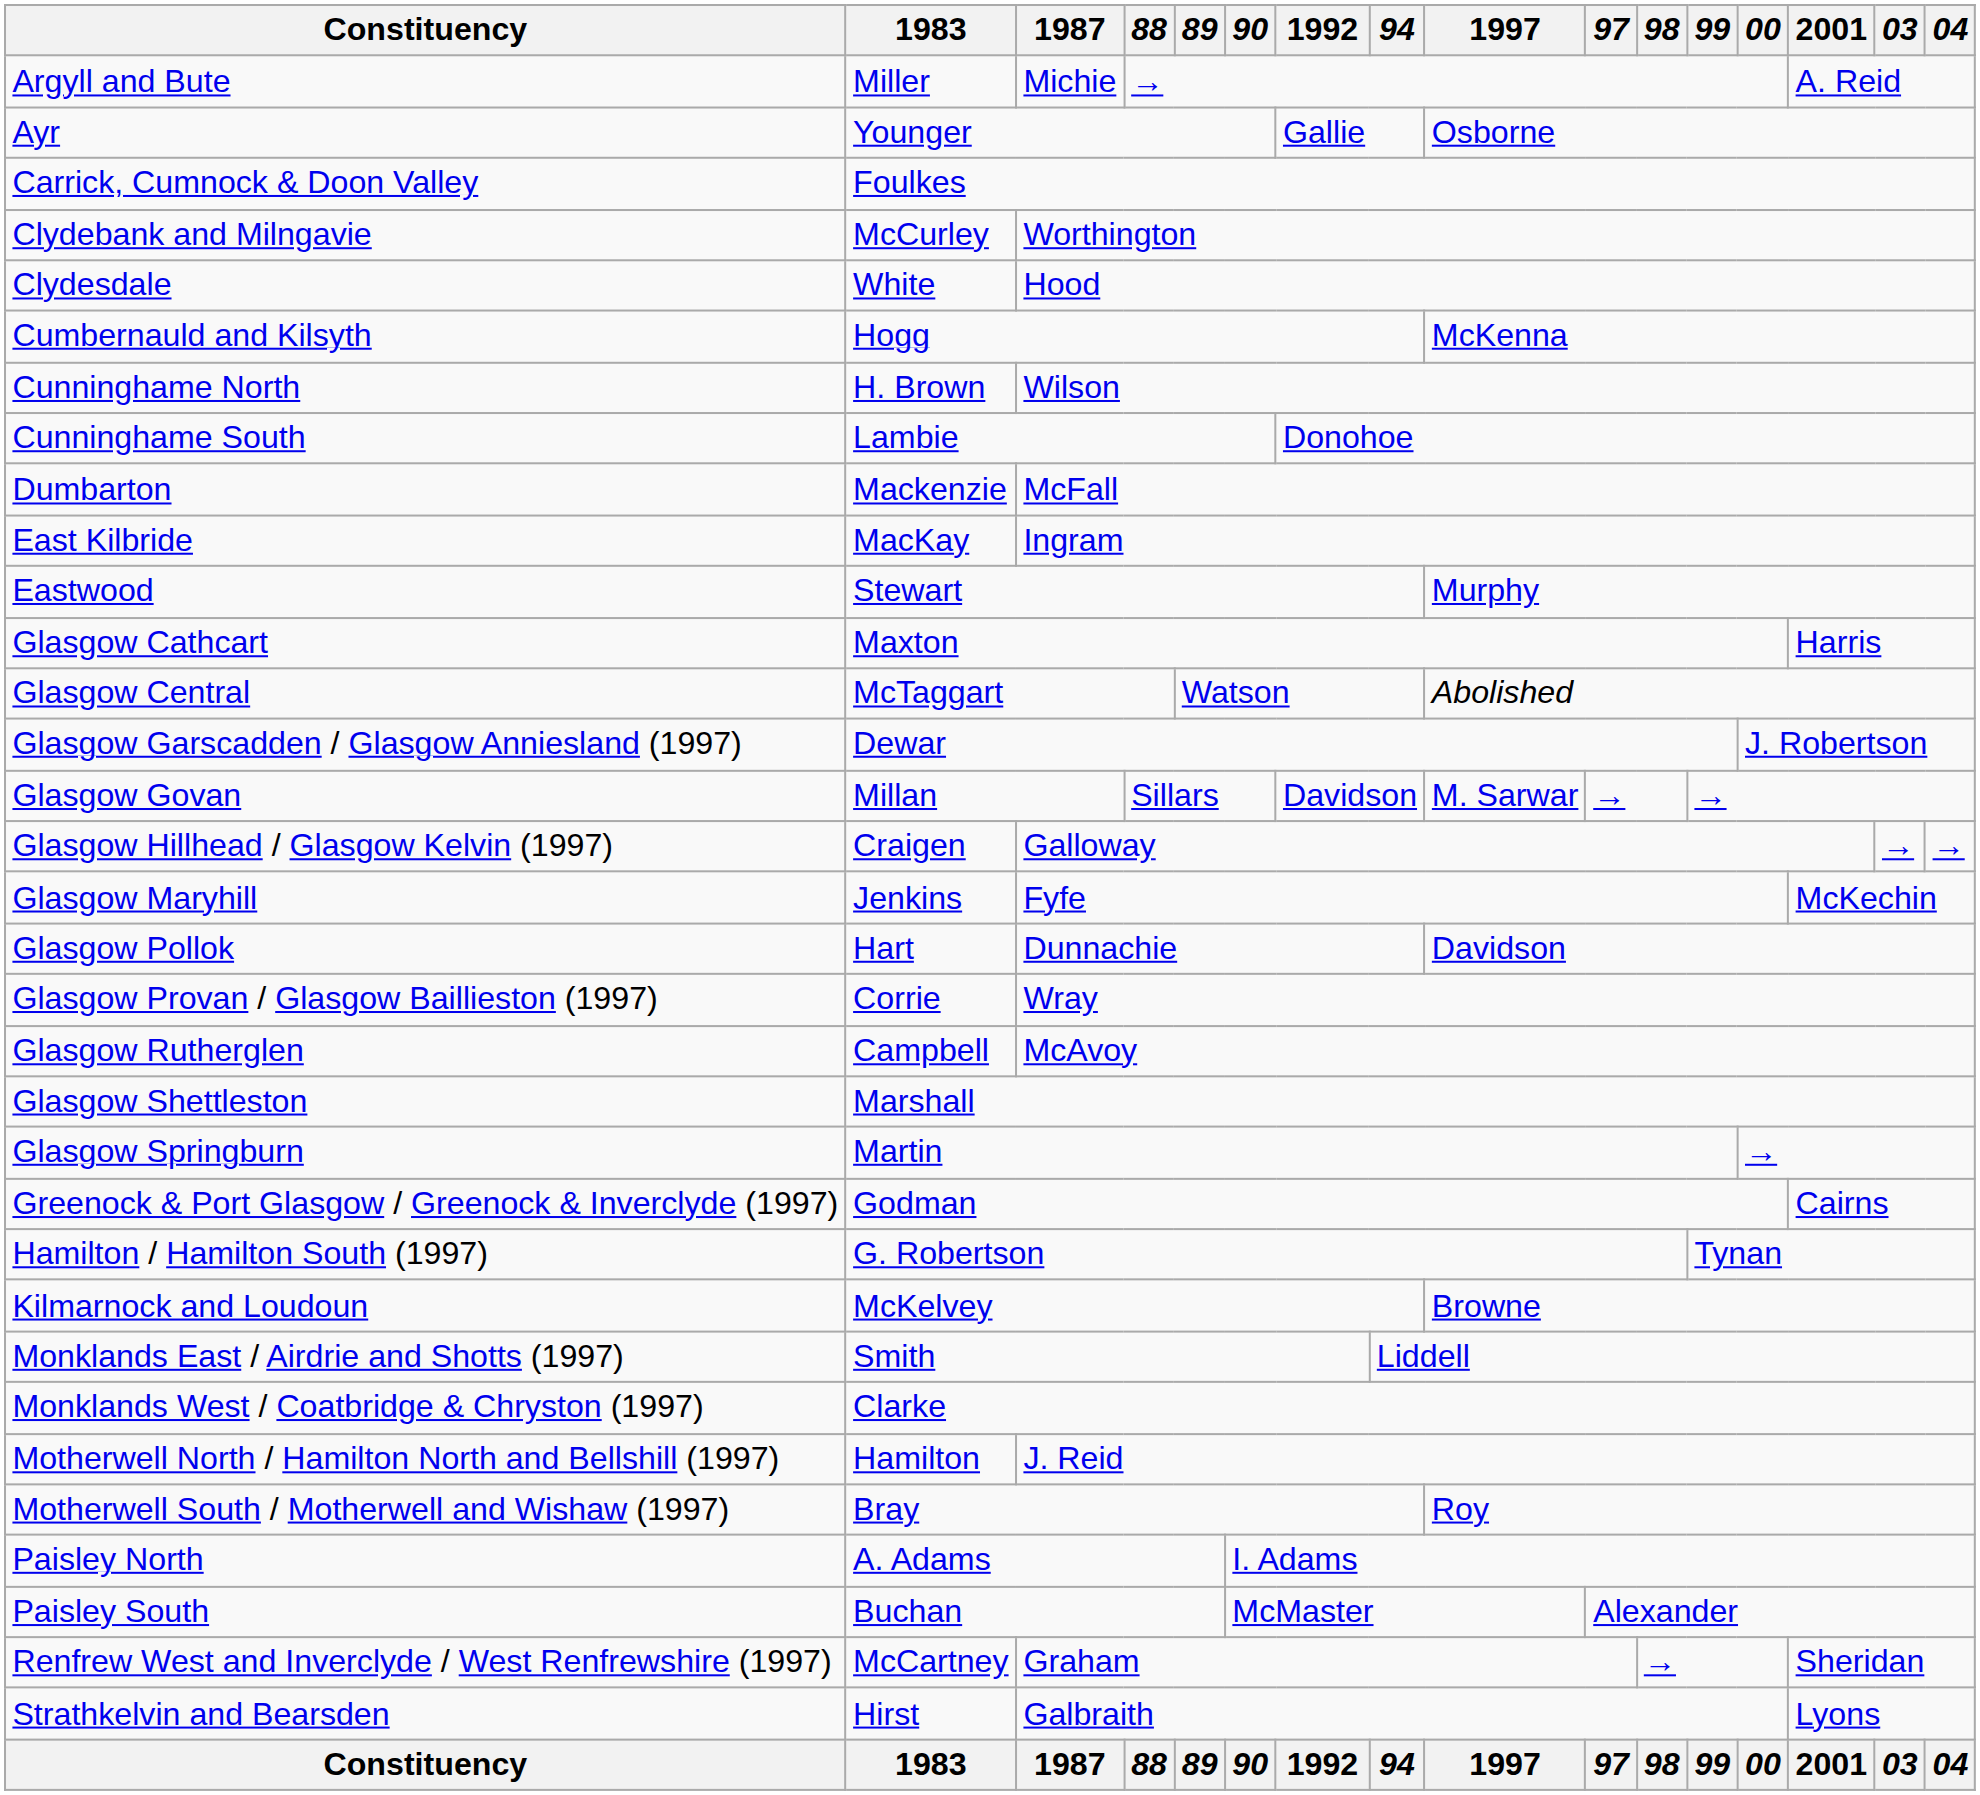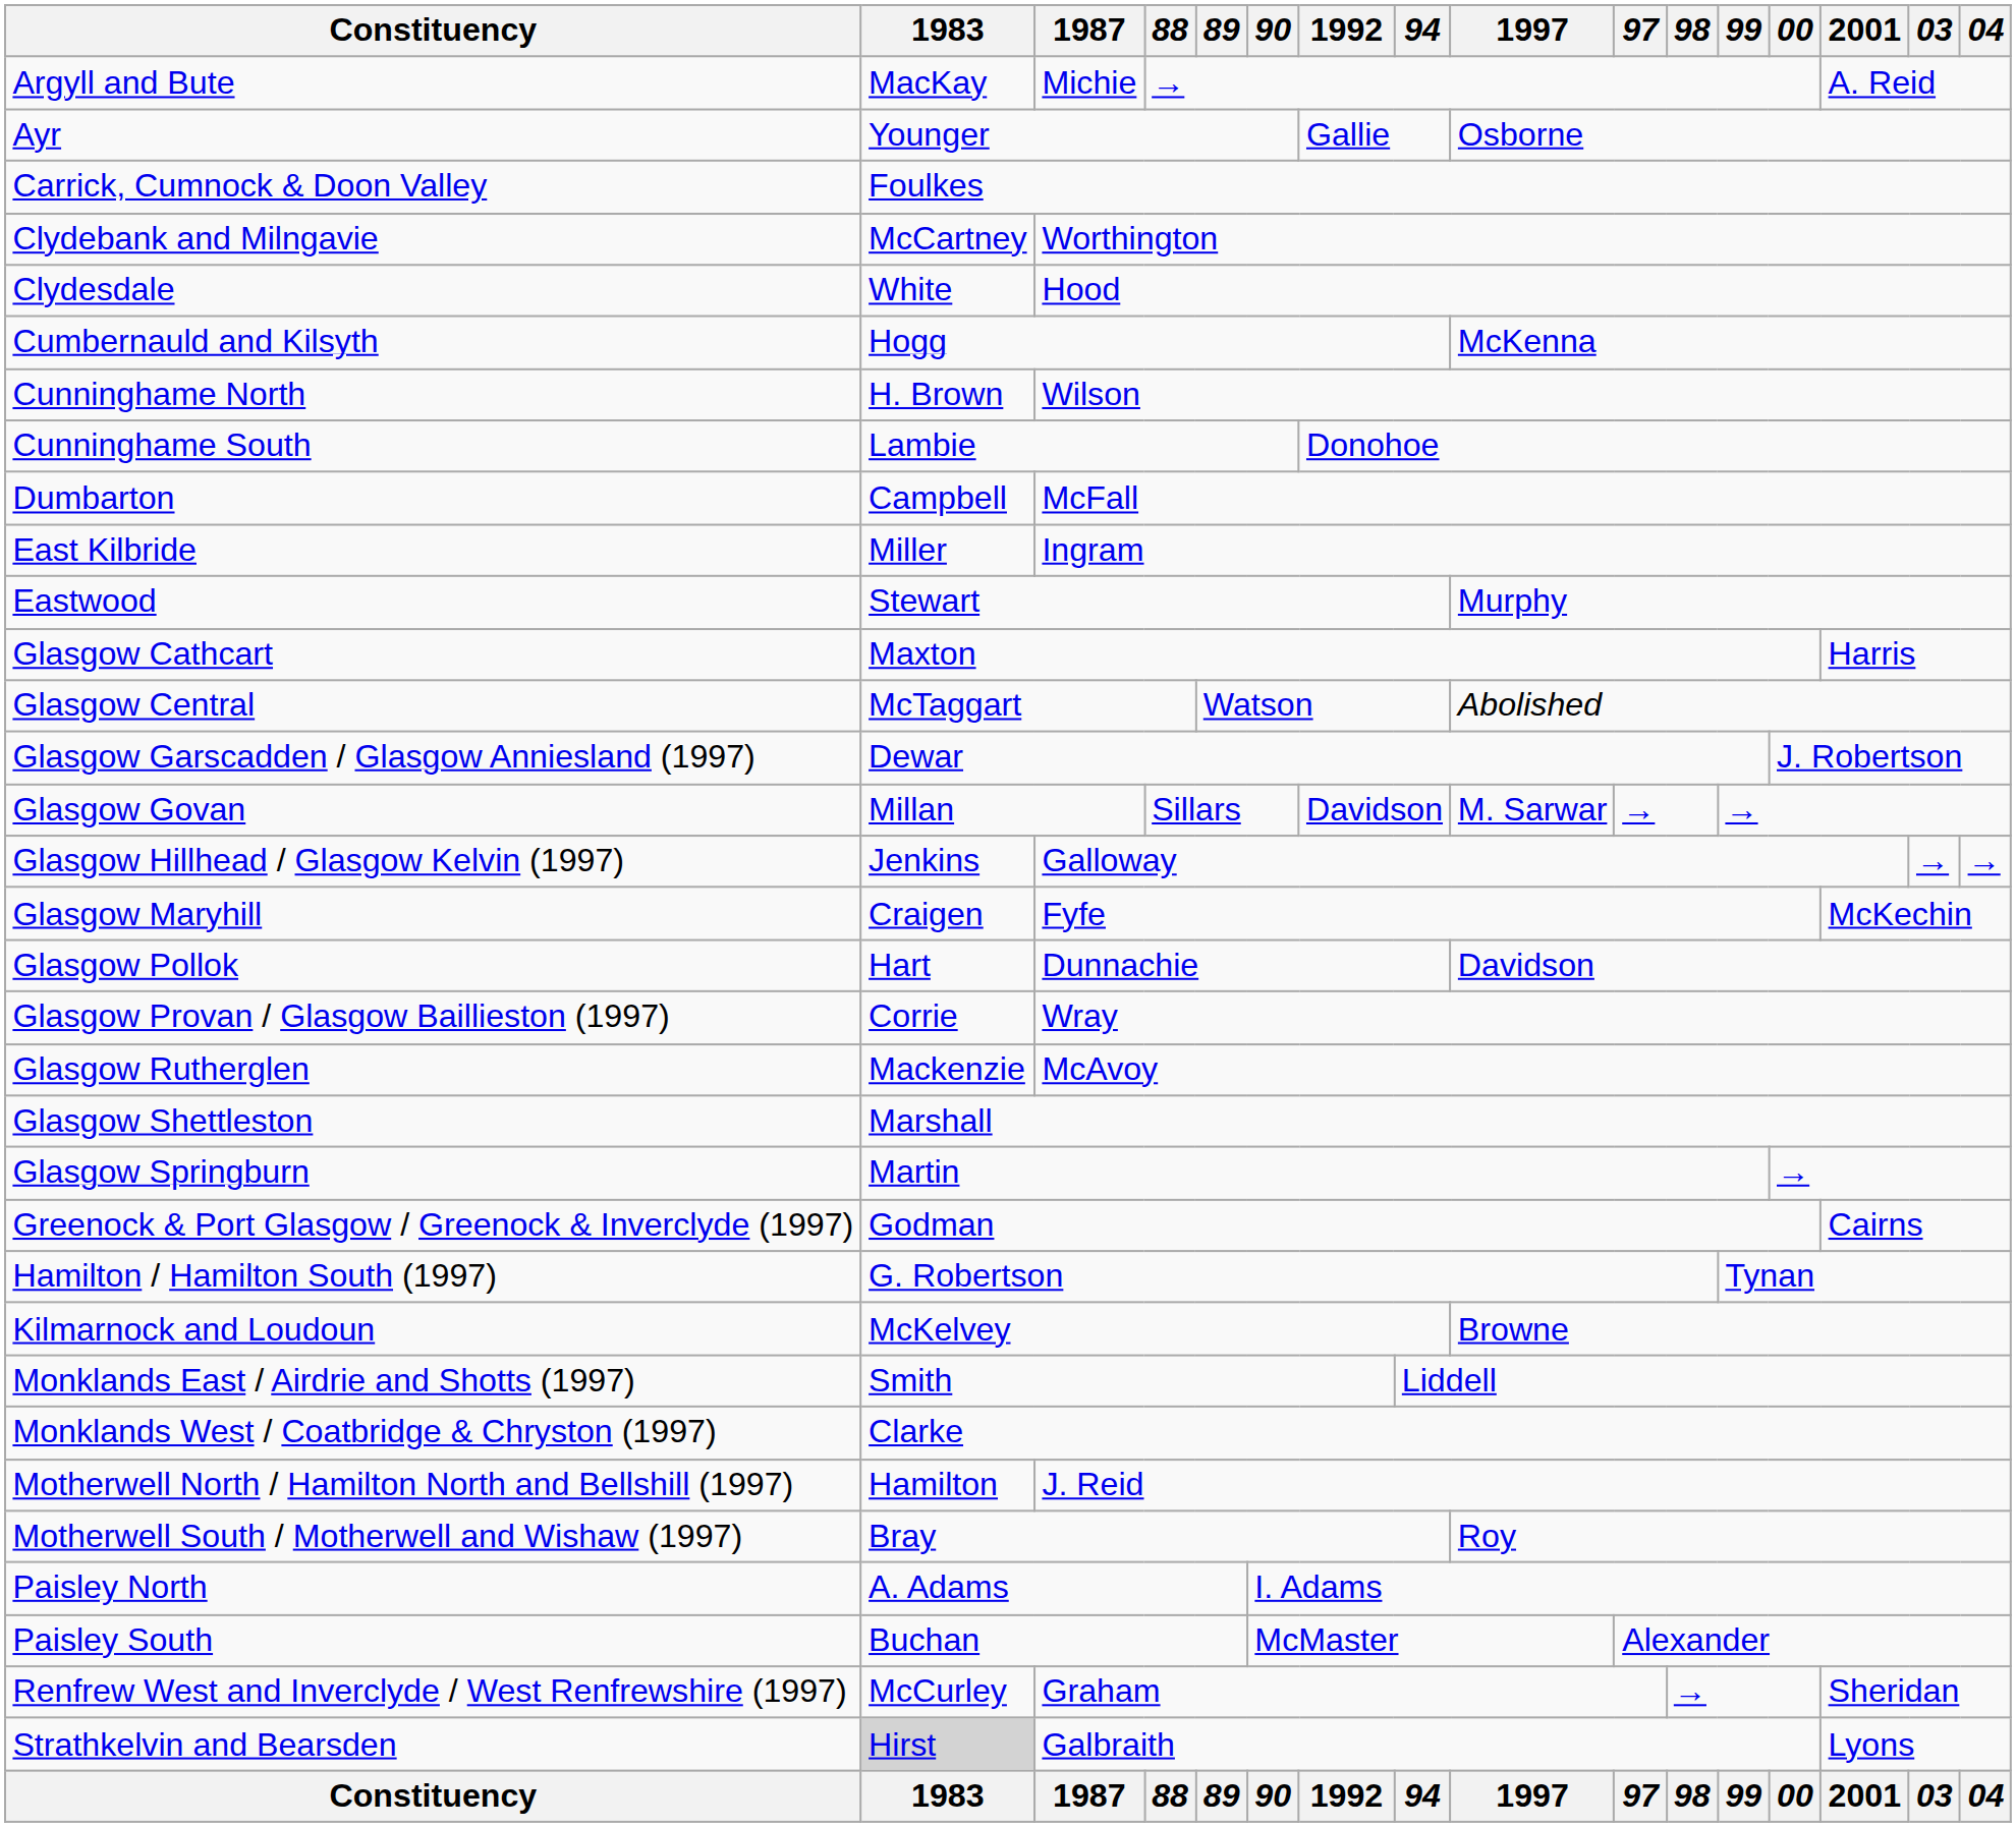 <table class="wikitable">
 <tr>
 <th>Constituency</th>
 <th>1983</th>
 <th>1987</th>
 <th><em>88</em></th>
 <th><em>89</em></th>
 <th><em>90</em></th>
 <th>1992</th>
 <th><em>94</em></th>
 <th>1997</th>
 <th><em>97</em></th>
 <th><em>98</em></th>
 <th><em>99</em></th>
 <th><em>00</em></th>
 <th>2001</th>
 <th><em>03</em></th>
 <th><em>04</em></th>
 </tr>
 <tr>
 <td><a href='#'>Argyll and Bute</a></td>
-<td><a href='#'>Miller</a></td>
+<td><a href='#'>MacKay</a></td>
 <td><a href='#'>Michie</a></td>
 <td colspan="10"><a href='#'>→</a></td>
 <td colspan="3"><a href='#'>A. Reid</a></td>
 </tr>
 <tr>
 <td><a href='#'>Ayr</a></td>
 <td colspan="5"><a href='#'>Younger</a></td>
 <td colspan="2"><a href='#'>Gallie</a></td>
 <td colspan="8"><a href='#'>Osborne</a></td>
 </tr>
 <tr>
 <td><a href='#'>Carrick, Cumnock & Doon Valley</a></td>
 <td colspan="15"><a href='#'>Foulkes</a></td>
 </tr>
 <tr>
 <td><a href='#'>Clydebank and Milngavie</a></td>
-<td><a href='#'>McCurley</a></td>
+<td><a href='#'>McCartney</a></td>
 <td colspan="14"><a href='#'>Worthington</a></td>
 </tr>
 <tr>
 <td><a href='#'>Clydesdale</a></td>
 <td bgcolor=><a href='#'>White</a></td>
 <td colspan="14"><a href='#'>Hood</a></td>
 </tr>
 <tr>
 <td><a href='#'>Cumbernauld and Kilsyth</a></td>
 <td colspan="7"><a href='#'>Hogg</a></td>
 <td colspan="8"><a href='#'>McKenna</a></td>
 </tr>
 <tr>
 <td><a href='#'>Cunninghame North</a></td>
 <td><a href='#'>H. Brown</a></td>
 <td colspan="14"><a href='#'>Wilson</a></td>
 </tr>
 <tr>
 <td><a href='#'>Cunninghame South</a></td>
 <td colspan="5"><a href='#'>Lambie</a></td>
 <td colspan="10"><a href='#'>Donohoe</a></td>
 </tr>
 <tr>
 <td><a href='#'>Dumbarton</a></td>
-<td><a href='#'>Mackenzie</a></td>
+<td><a href='#'>Campbell</a></td>
 <td colspan="14"><a href='#'>McFall</a></td>
 </tr>
 <tr>
 <td><a href='#'>East Kilbride</a></td>
-<td><a href='#'>MacKay</a></td>
+<td><a href='#'>Miller</a></td>
 <td colspan="14"><a href='#'>Ingram</a></td>
 </tr>
 <tr>
 <td><a href='#'>Eastwood</a></td>
 <td colspan="7"><a href='#'>Stewart</a></td>
 <td colspan="8"><a href='#'>Murphy</a></td>
 </tr>
 <tr>
 <td><a href='#'>Glasgow Cathcart</a></td>
 <td colspan="12"><a href='#'>Maxton</a></td>
 <td colspan="3"><a href='#'>Harris</a></td>
 </tr>
 <tr>
 <td><a href='#'>Glasgow Central</a></td>
 <td colspan="3"><a href='#'>McTaggart</a></td>
 <td colspan="4"><a href='#'>Watson</a></td>
 <td colspan="8"><em>Abolished</em></td>
 </tr>
 <tr>
 <td><a href='#'>Glasgow Garscadden</a> / <a href='#'>Glasgow Anniesland</a> (1997)</td>
 <td colspan="11"><a href='#'>Dewar</a></td>
 <td colspan="4"><a href='#'>J. Robertson</a></td>
 </tr>
 <tr>
 <td><a href='#'>Glasgow Govan</a></td>
 <td colspan="2"><a href='#'>Millan</a></td>
 <td colspan="3"><a href='#'>Sillars</a></td>
 <td colspan="2"><a href='#'>Davidson</a></td>
 <td><a href='#'>M. Sarwar</a></td>
 <td colspan="2"><a href='#'>→</a></td>
 <td colspan="5"><a href='#'>→</a></td>
 </tr>
 <tr>
 <td><a href='#'>Glasgow Hillhead</a> / <a href='#'>Glasgow Kelvin</a> (1997)</td>
-<td bgcolor=><a href='#'>Craigen</a></td>
+<td><a href='#'>Jenkins</a></td>
 <td colspan="12"><a href='#'>Galloway</a></td>
 <td><a href='#'>→</a></td>
 <td><a href='#'>→</a></td>
 </tr>
 <tr>
 <td><a href='#'>Glasgow Maryhill</a></td>
-<td><a href='#'>Jenkins</a></td>
+<td bgcolor=><a href='#'>Craigen</a></td>
 <td colspan="11"><a href='#'>Fyfe</a></td>
 <td colspan="3"><a href='#'>McKechin</a></td>
 </tr>
 <tr>
 <td><a href='#'>Glasgow Pollok</a></td>
 <td><a href='#'>Hart</a></td>
 <td colspan="6"><a href='#'>Dunnachie</a></td>
 <td colspan="8"><a href='#'>Davidson</a></td>
 </tr>
 <tr>
 <td><a href='#'>Glasgow Provan</a> / <a href='#'>Glasgow Baillieston</a> (1997)</td>
 <td><a href='#'>Corrie</a></td>
 <td colspan="14"><a href='#'>Wray</a></td>
 </tr>
 <tr>
 <td><a href='#'>Glasgow Rutherglen</a></td>
-<td><a href='#'>Campbell</a></td>
+<td><a href='#'>Mackenzie</a></td>
 <td colspan="14"><a href='#'>McAvoy</a></td>
 </tr>
 <tr>
 <td><a href='#'>Glasgow Shettleston</a></td>
 <td colspan="15"><a href='#'>Marshall</a></td>
 </tr>
 <tr>
 <td><a href='#'>Glasgow Springburn</a></td>
 <td colspan="11"><a href='#'>Martin</a></td>
 <td colspan="4"><a href='#'>→</a></td>
 </tr>
 <tr>
 <td><a href='#'>Greenock & Port Glasgow</a> / <a href='#'>Greenock & Inverclyde</a> (1997)</td>
 <td colspan="12"><a href='#'>Godman</a></td>
 <td colspan="3"><a href='#'>Cairns</a></td>
 </tr>
 <tr>
 <td><a href='#'>Hamilton</a> / <a href='#'>Hamilton South</a> (1997)</td>
 <td colspan="10"><a href='#'>G. Robertson</a></td>
 <td colspan="5"><a href='#'>Tynan</a></td>
 </tr>
 <tr>
 <td><a href='#'>Kilmarnock and Loudoun</a></td>
 <td colspan="7"><a href='#'>McKelvey</a></td>
 <td colspan="8"><a href='#'>Browne</a></td>
 </tr>
 <tr>
 <td><a href='#'>Monklands East</a> / <a href='#'>Airdrie and Shotts</a> (1997)</td>
 <td colspan="6"><a href='#'>Smith</a></td>
 <td colspan="9"><a href='#'>Liddell</a></td>
 </tr>
 <tr>
 <td><a href='#'>Monklands West</a> / <a href='#'>Coatbridge & Chryston</a> (1997)</td>
 <td colspan="15"><a href='#'>Clarke</a></td>
 </tr>
 <tr>
 <td><a href='#'>Motherwell North</a> / <a href='#'>Hamilton North and Bellshill</a> (1997)</td>
 <td><a href='#'>Hamilton</a></td>
 <td colspan="14"><a href='#'>J. Reid</a></td>
 </tr>
 <tr>
 <td><a href='#'>Motherwell South</a> / <a href='#'>Motherwell and Wishaw</a> (1997)</td>
 <td colspan="7"><a href='#'>Bray</a></td>
 <td colspan="8"><a href='#'>Roy</a></td>
 </tr>
 <tr>
 <td><a href='#'>Paisley North</a></td>
 <td colspan="4"><a href='#'>A. Adams</a></td>
 <td colspan="11"><a href='#'>I. Adams</a></td>
 </tr>
 <tr>
 <td><a href='#'>Paisley South</a></td>
 <td colspan="4"><a href='#'>Buchan</a></td>
 <td colspan="4"><a href='#'>McMaster</a></td>
 <td colspan="7"><a href='#'>Alexander</a></td>
 </tr>
 <tr>
 <td><a href='#'>Renfrew West and Inverclyde</a> / <a href='#'>West Renfrewshire</a> (1997)</td>
-<td><a href='#'>McCartney</a></td>
+<td><a href='#'>McCurley</a></td>
 <td colspan="8"><a href='#'>Graham</a></td>
 <td colspan="3"><a href='#'>→</a></td>
 <td colspan="3"><a href='#'>Sheridan</a></td>
 </tr>
 <tr>
 <td><a href='#'>Strathkelvin and Bearsden</a></td>
-<td><a href='#'>Hirst</a></td>
+<td style="background: lightgrey;"><a href='#'>Hirst</a></td>
 <td colspan="11"><a href='#'>Galbraith</a></td>
 <td colspan="3"><a href='#'>Lyons</a></td>
 </tr>
 <tr>
 <th>Constituency</th>
 <th>1983</th>
 <th>1987</th>
 <th><em>88</em></th>
 <th><em>89</em></th>
 <th><em>90</em></th>
 <th>1992</th>
 <th><em>94</em></th>
 <th>1997</th>
 <th><em>97</em></th>
 <th><em>98</em></th>
 <th><em>99</em></th>
 <th><em>00</em></th>
 <th>2001</th>
 <th><em>03</em></th>
 <th><em>04</em></th>
 </tr>
 </table>
